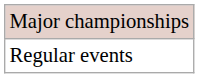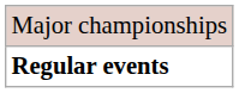 <table class=wikitable style="font-size:95%">
 <tr style="background:#e5d1cb;">
 <td>Major championships</td>
 </tr>
 <tr style="background:#fff;">
-<td>Regular events<br></td>
+<td><strong>Regular events<br></strong></td>
 </tr>
 </table>
